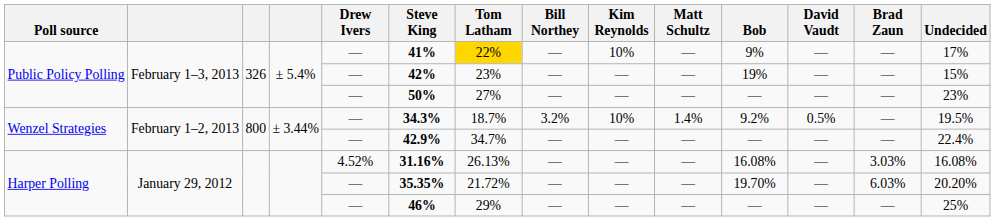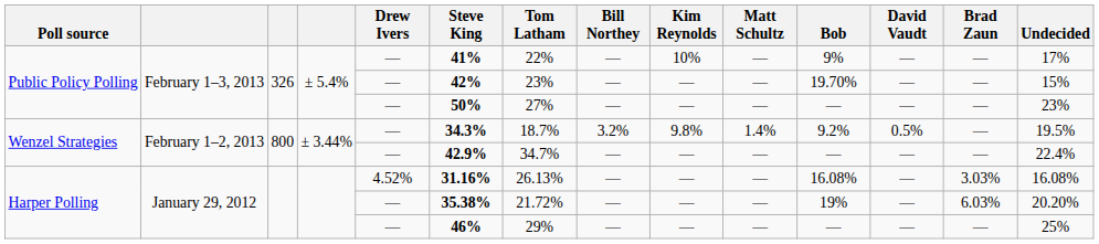 <table class="wikitable" style="text-align:center">
 <tr valign= bottom>
 <th>Poll source</th>
 <th></th>
 <th></th>
 <th></th>
 <th style="width:70px;">Drew<br>Ivers</th>
 <th style="width:70px;">Steve<br>King</th>
 <th style="width:70px;">Tom<br>Latham</th>
 <th style="width:70px;">Bill<br>Northey</th>
 <th style="width:70px;">Kim<br>Reynolds</th>
 <th style="width:70px;">Matt<br>Schultz</th>
 <th style="width:70px;">Bob<br></th>
 <th style="width:70px;">David<br>Vaudt</th>
 <th style="width:70px;">Brad<br>Zaun</th>
 <th>Undecided</th>
 </tr>
 <tr>
 <td align=left rowspan=3><a href='#'>Public Policy Polling</a></td>
 <td rowspan=3>February 1–3, 2013</td>
 <td rowspan=3>326</td>
 <td rowspan=3>± 5.4%</td>
 <td>—</td>
 <td><strong>41%</strong></td>
-<td style="background: gold;">22%</td>
+<td>22%</td>
 <td>—</td>
 <td>10%</td>
 <td>—</td>
 <td>9%</td>
 <td>—</td>
 <td>—</td>
 <td>17%</td>
 </tr>
 <tr>
 <td>—</td>
 <td><strong>42%</strong></td>
 <td>23%</td>
 <td>—</td>
 <td>—</td>
 <td>—</td>
-<td>19%</td>
+<td>19.70%</td>
 <td>—</td>
 <td>—</td>
 <td>15%</td>
 </tr>
 <tr>
 <td>—</td>
 <td><strong>50%</strong></td>
 <td>27%</td>
 <td>—</td>
 <td>—</td>
 <td>—</td>
 <td>—</td>
 <td>—</td>
 <td>—</td>
 <td>23%</td>
 </tr>
 <tr>
 <td align=left rowspan=2><a href='#'>Wenzel Strategies</a></td>
 <td rowspan=2>February 1–2, 2013</td>
 <td rowspan=2>800</td>
 <td rowspan=2>± 3.44%</td>
 <td>—</td>
 <td><strong>34.3%</strong></td>
 <td>18.7%</td>
 <td>3.2%</td>
-<td>10%</td>
+<td>9.8%</td>
 <td>1.4%</td>
 <td>9.2%</td>
 <td>0.5%</td>
 <td>—</td>
 <td>19.5%</td>
 </tr>
 <tr>
 <td>—</td>
 <td><strong>42.9%</strong></td>
 <td>34.7%</td>
 <td>—</td>
 <td>—</td>
 <td>—</td>
 <td>—</td>
 <td>—</td>
 <td>—</td>
 <td>22.4%</td>
 </tr>
 <tr>
 <td align=left rowspan=3><a href='#'>Harper Polling</a></td>
 <td rowspan=3>January 29, 2012</td>
 <td rowspan=3></td>
 <td rowspan=3></td>
 <td>4.52%</td>
 <td><strong>31.16%</strong></td>
 <td>26.13%</td>
 <td>—</td>
 <td>—</td>
 <td>—</td>
 <td>16.08%</td>
 <td>—</td>
 <td>3.03%</td>
 <td>16.08%</td>
 </tr>
 <tr>
 <td>—</td>
-<td><strong>35.35%</strong></td>
+<td><strong>35.38%</strong></td>
 <td>21.72%</td>
 <td>—</td>
 <td>—</td>
 <td>—</td>
-<td>19.70%</td>
+<td>19%</td>
 <td>—</td>
 <td>6.03%</td>
 <td>20.20%</td>
 </tr>
 <tr>
 <td>—</td>
 <td><strong>46%</strong></td>
 <td>29%</td>
 <td>—</td>
 <td>—</td>
 <td>—</td>
 <td>—</td>
 <td>—</td>
 <td>—</td>
 <td>25%</td>
 </tr>
 </table>
